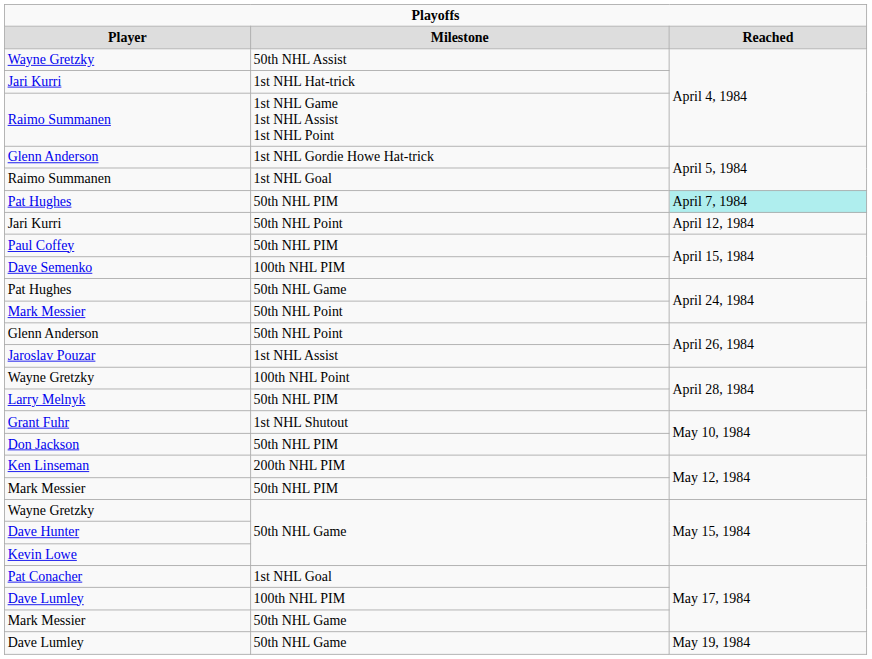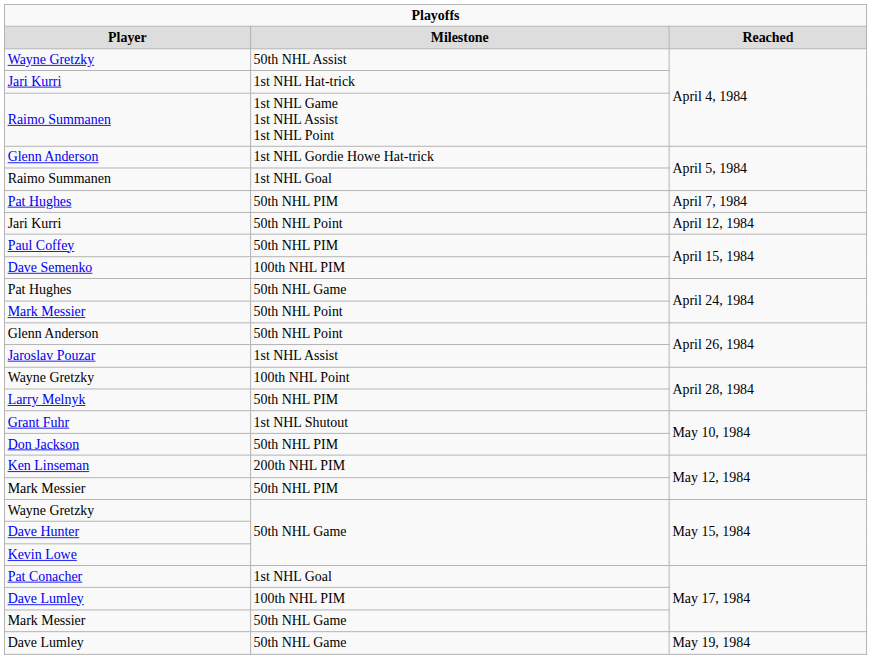 <table class="wikitable" style="width:50%;">
 <tr>
 <td colspan="10" style="text-align:center;"><strong>Playoffs</strong></td>
 </tr>
 <tr style="text-align:center; background:#ddd;">
 <td><strong>Player</strong></td>
 <td><strong>Milestone</strong></td>
 <td><strong>Reached</strong></td>
 </tr>
 <tr>
 <td><a href='#'>Wayne Gretzky</a></td>
 <td>50th NHL Assist</td>
 <td rowspan="3">April 4, 1984</td>
 </tr>
 <tr>
 <td><a href='#'>Jari Kurri</a></td>
 <td>1st NHL Hat-trick</td>
 </tr>
 <tr>
 <td><a href='#'>Raimo Summanen</a></td>
 <td>1st NHL Game<br>1st NHL Assist<br>1st NHL Point</td>
 </tr>
 <tr>
 <td><a href='#'>Glenn Anderson</a></td>
 <td>1st NHL Gordie Howe Hat-trick</td>
 <td rowspan="2">April 5, 1984</td>
 </tr>
 <tr>
 <td>Raimo Summanen</td>
 <td>1st NHL Goal</td>
 </tr>
 <tr>
 <td><a href='#'>Pat Hughes</a></td>
 <td>50th NHL PIM</td>
-<td style="background: paleturquoise;">April 7, 1984</td>
+<td>April 7, 1984</td>
 </tr>
 <tr>
 <td>Jari Kurri</td>
 <td>50th NHL Point</td>
 <td>April 12, 1984</td>
 </tr>
 <tr>
 <td><a href='#'>Paul Coffey</a></td>
 <td>50th NHL PIM</td>
 <td rowspan="2">April 15, 1984</td>
 </tr>
 <tr>
 <td><a href='#'>Dave Semenko</a></td>
 <td>100th NHL PIM</td>
 </tr>
 <tr>
 <td>Pat Hughes</td>
 <td>50th NHL Game</td>
 <td rowspan="2">April 24, 1984</td>
 </tr>
 <tr>
 <td><a href='#'>Mark Messier</a></td>
 <td>50th NHL Point</td>
 </tr>
 <tr>
 <td>Glenn Anderson</td>
 <td>50th NHL Point</td>
 <td rowspan="2">April 26, 1984</td>
 </tr>
 <tr>
 <td><a href='#'>Jaroslav Pouzar</a></td>
 <td>1st NHL Assist</td>
 </tr>
 <tr>
 <td>Wayne Gretzky</td>
 <td>100th NHL Point</td>
 <td rowspan="2">April 28, 1984</td>
 </tr>
 <tr>
 <td><a href='#'>Larry Melnyk</a></td>
 <td>50th NHL PIM</td>
 </tr>
 <tr>
 <td><a href='#'>Grant Fuhr</a></td>
 <td>1st NHL Shutout</td>
 <td rowspan="2">May 10, 1984</td>
 </tr>
 <tr>
 <td><a href='#'>Don Jackson</a></td>
 <td>50th NHL PIM</td>
 </tr>
 <tr>
 <td><a href='#'>Ken Linseman</a></td>
 <td>200th NHL PIM</td>
 <td rowspan="2">May 12, 1984</td>
 </tr>
 <tr>
 <td>Mark Messier</td>
 <td>50th NHL PIM</td>
 </tr>
 <tr>
 <td>Wayne Gretzky</td>
 <td rowspan="3">50th NHL Game</td>
 <td rowspan="3">May 15, 1984</td>
 </tr>
 <tr>
 <td><a href='#'>Dave Hunter</a></td>
 </tr>
 <tr>
 <td><a href='#'>Kevin Lowe</a></td>
 </tr>
 <tr>
 <td><a href='#'>Pat Conacher</a></td>
 <td>1st NHL Goal</td>
 <td rowspan="3">May 17, 1984</td>
 </tr>
 <tr>
 <td><a href='#'>Dave Lumley</a></td>
 <td>100th NHL PIM</td>
 </tr>
 <tr>
 <td>Mark Messier</td>
 <td>50th NHL Game</td>
 </tr>
 <tr>
 <td>Dave Lumley</td>
 <td>50th NHL Game</td>
 <td>May 19, 1984</td>
 </tr>
 </table>
